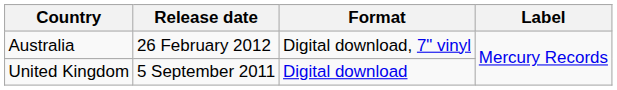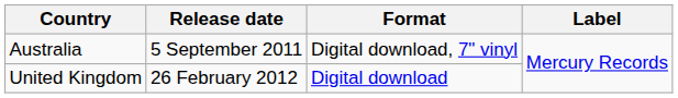 <table class="wikitable plainrowheaders">
 <tr>
 <th scope="col">Country</th>
 <th scope="col">Release date</th>
 <th scope="col">Format</th>
 <th scope="col">Label</th>
 </tr>
 <tr>
 <td>Australia</td>
-<td>26 February 2012</td>
+<td>5 September 2011</td>
 <td>Digital download, <a href='#'>7" vinyl</a></td>
 <td rowspan="2"><a href='#'>Mercury Records</a></td>
 </tr>
 <tr>
 <td>United Kingdom</td>
-<td>5 September 2011</td>
+<td>26 February 2012</td>
 <td><a href='#'>Digital download</a></td>
 </tr>
 </table>
